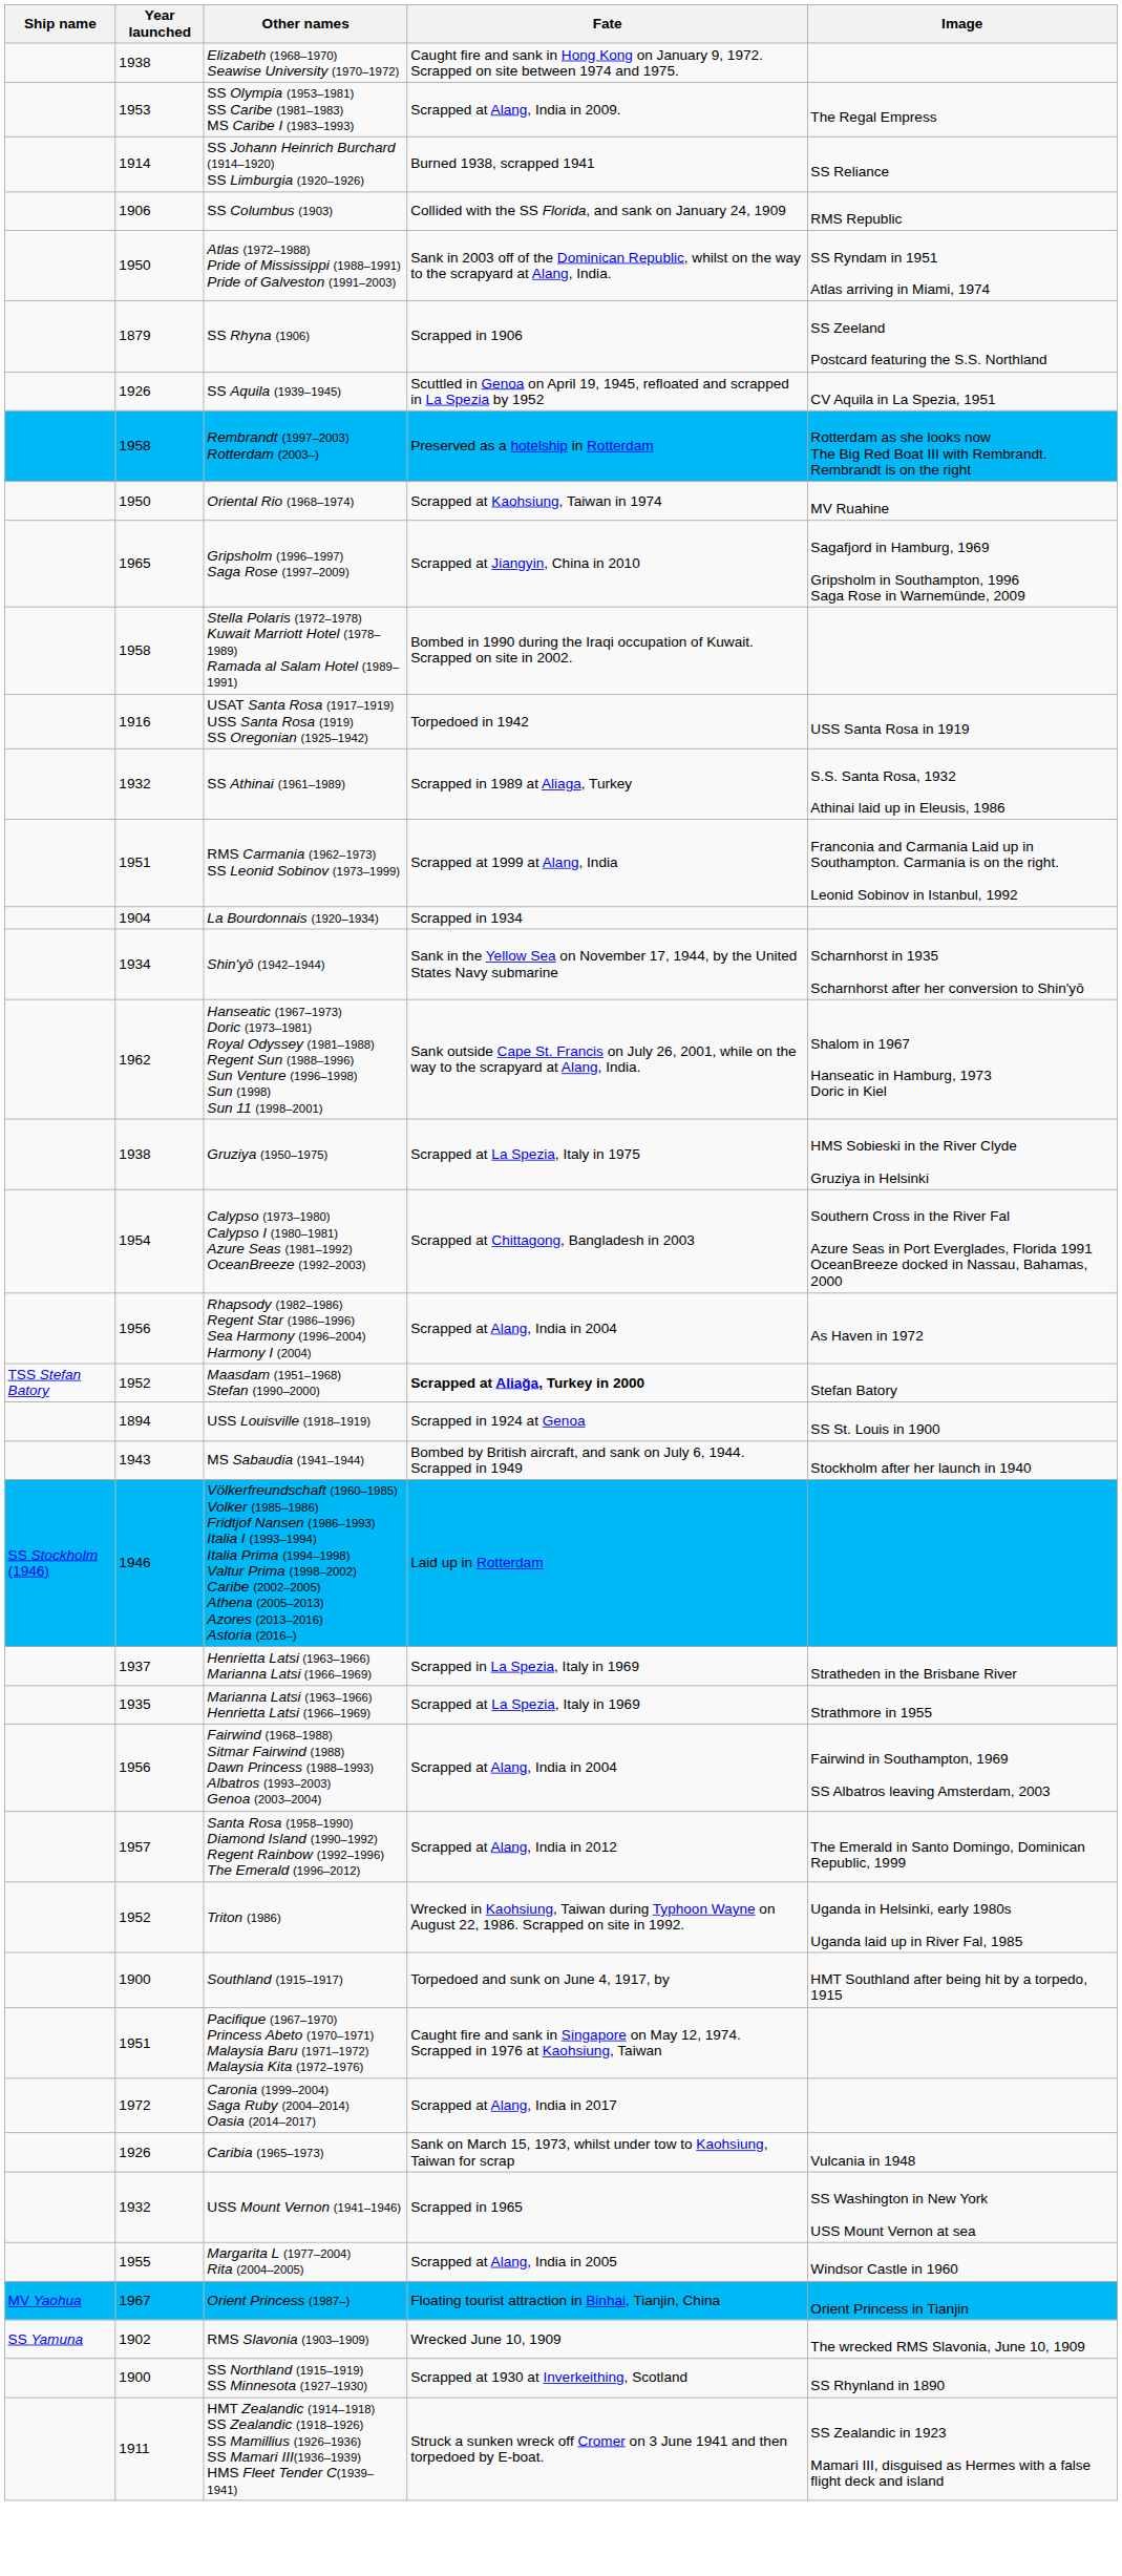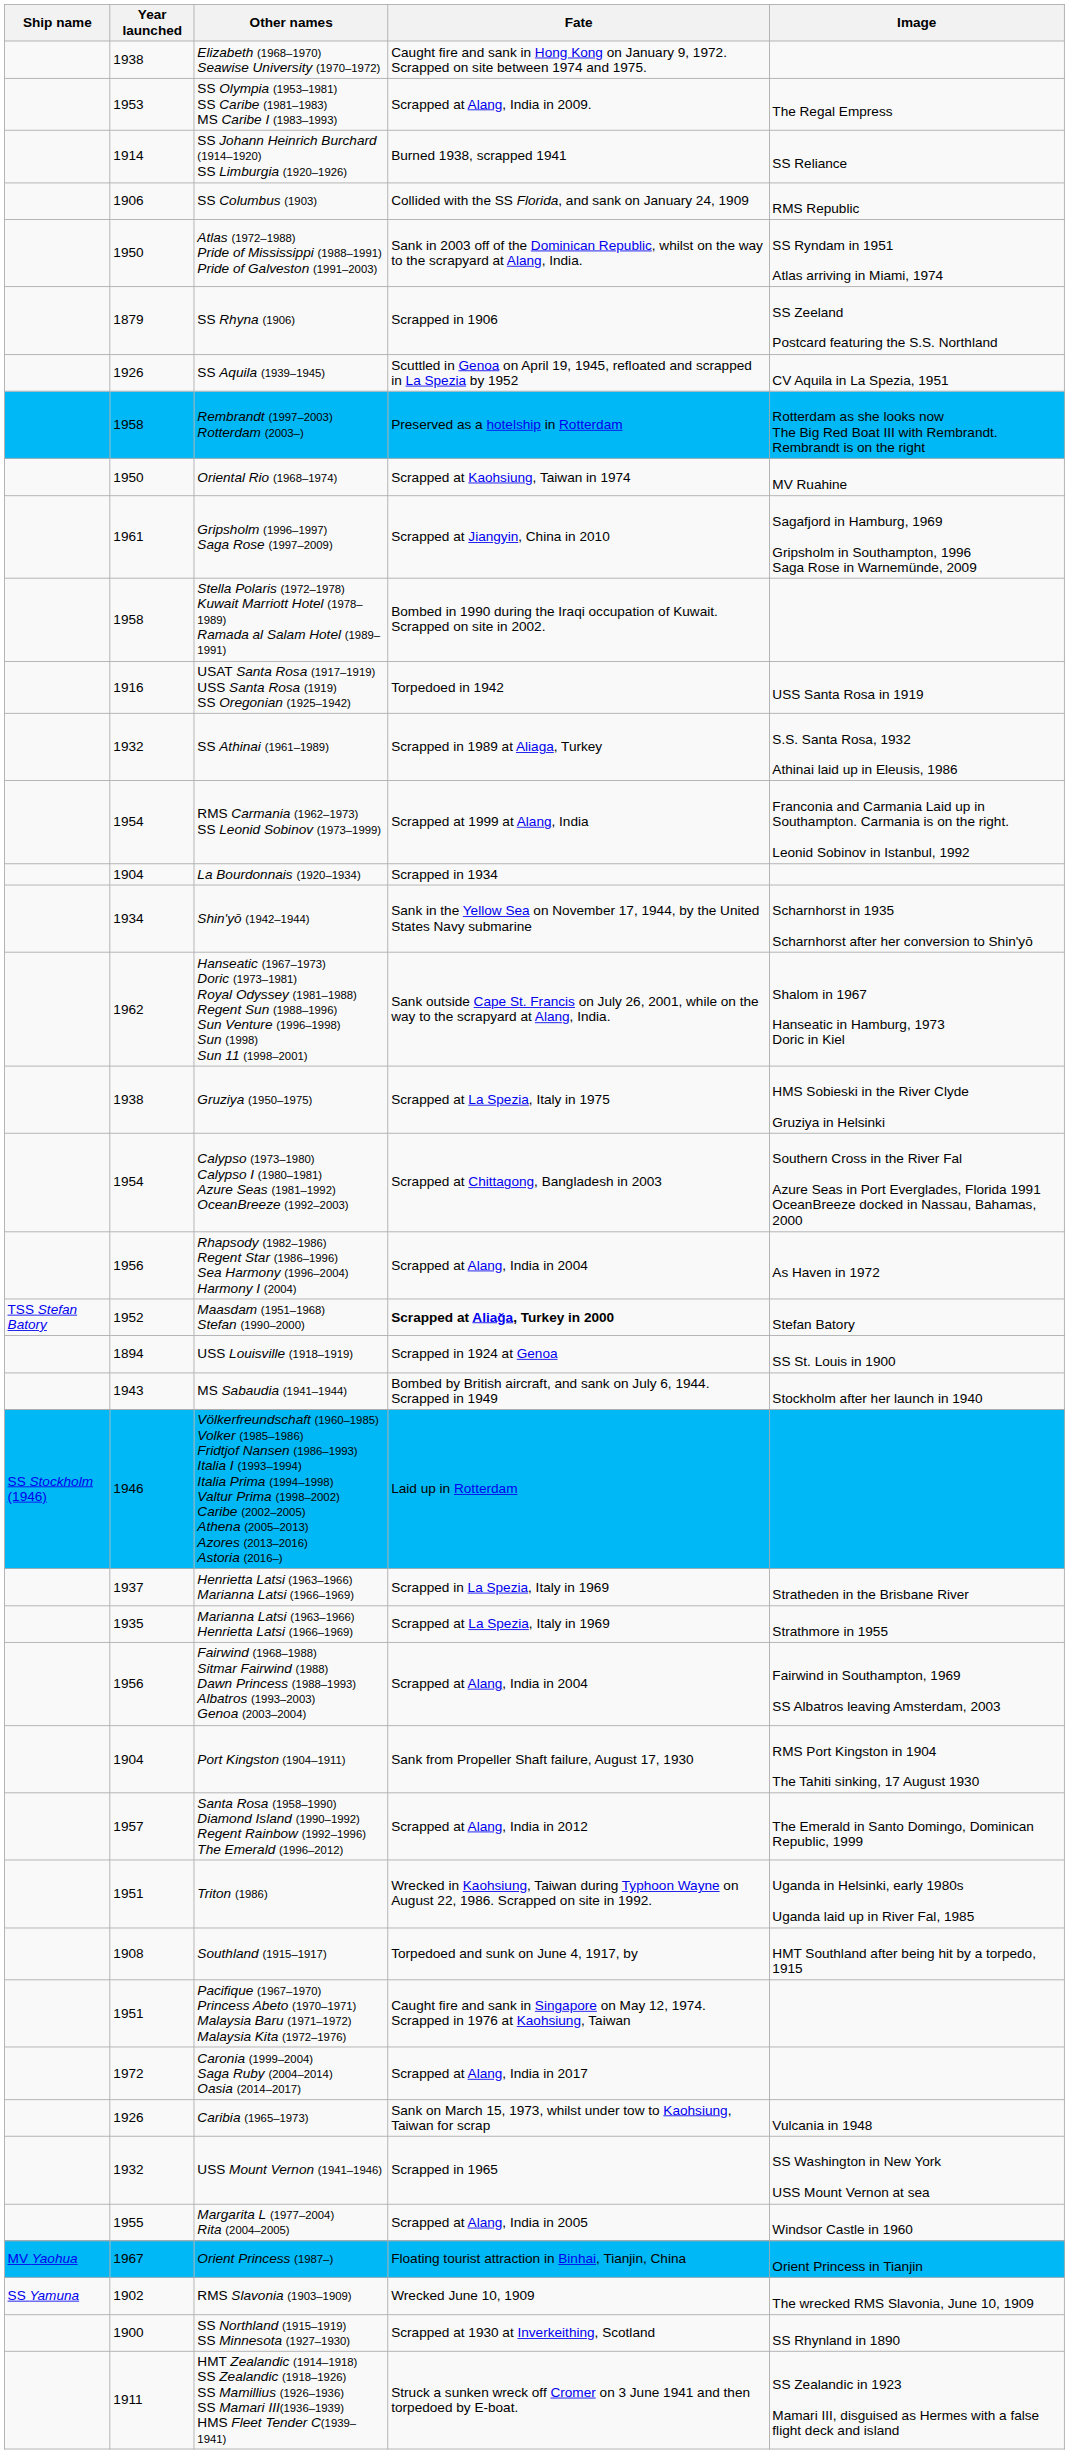 <table class="wikitable sortable">
 <tr>
 <th>Ship name</th>
 <th>Year launched</th>
 <th class="unsortable">Other names</th>
 <th>Fate</th>
 <th>Image</th>
 </tr>
 <tr>
 <td></td>
 <td>1938</td>
 <td><em>Elizabeth</em> <small>(1968–1970)</small><br><em>Seawise University</em> <small>(1970–1972)</small></td>
 <td>Caught fire and sank in <a href='#'>Hong Kong</a> on January 9, 1972. Scrapped on site between 1974 and 1975.</td>
 <td></td>
 </tr>
 <tr>
 <td></td>
 <td>1953</td>
 <td>SS <em>Olympia</em> <small>(1953–1981)</small><br>SS <em>Caribe</em> <small>(1981–1983)</small><br>MS <em>Caribe I</em> <small>(1983–1993)</small></td>
 <td>Scrapped at <a href='#'>Alang</a>, India in 2009.</td>
 <td><br> The Regal Empress</td>
 </tr>
 <tr>
 <td></td>
 <td>1914</td>
 <td>SS <em>Johann Heinrich Burchard</em> <small>(1914–1920)</small><br>SS <em>Limburgia</em> <small>(1920–1926)</small></td>
 <td>Burned 1938, scrapped 1941</td>
 <td><br> SS Reliance</td>
 </tr>
 <tr>
 <td></td>
 <td>1906</td>
 <td>SS <em>Columbus</em> <small>(1903)</small></td>
 <td>Collided with the SS <em>Florida</em>, and sank on January 24, 1909</td>
 <td><br> RMS Republic</td>
 </tr>
 <tr>
 <td></td>
 <td>1950</td>
 <td><em>Atlas</em> <small>(1972–1988)</small><br><em>Pride of Mississippi</em> <small>(1988–1991)</small><br><em>Pride of Galveston</em> <small>(1991–2003)</small></td>
 <td>Sank in 2003 off of the <a href='#'>Dominican Republic</a>, whilst on the way to the scrapyard at <a href='#'>Alang</a>, India.</td>
 <td><br> SS Ryndam in 1951<br><br> Atlas arriving in Miami, 1974</td>
 </tr>
 <tr>
 <td></td>
 <td>1879</td>
 <td>SS <em>Rhyna</em> <small>(1906)</small></td>
 <td>Scrapped in 1906</td>
 <td><br> SS Zeeland<br><br> Postcard featuring the S.S. Northland</td>
 </tr>
 <tr>
 <td></td>
 <td>1926</td>
 <td>SS <em>Aquila</em> <small>(1939–1945)</small></td>
 <td>Scuttled in <a href='#'>Genoa</a> on April 19, 1945, refloated and scrapped in <a href='#'>La Spezia</a> by 1952</td>
 <td><br> CV Aquila in La Spezia, 1951</td>
 </tr>
 <tr style="background: #00b8f5;">
 <td></td>
 <td>1958</td>
 <td><em>Rembrandt</em> <small>(1997–2003)</small><br><em>Rotterdam</em> <small>(2003–)</small></td>
 <td>Preserved as a <a href='#'>hotelship</a> in <a href='#'>Rotterdam</a></td>
 <td><br> Rotterdam as she looks now<br> The Big Red Boat III with Rembrandt. Rembrandt is on the right</td>
 </tr>
 <tr>
 <td></td>
 <td>1950</td>
 <td><em>Oriental Rio</em> <small>(1968–1974)</small></td>
 <td>Scrapped at <a href='#'>Kaohsiung</a>, Taiwan in 1974</td>
 <td><br> MV Ruahine</td>
 </tr>
 <tr>
 <td></td>
-<td>1965</td>
+<td>1961</td>
 <td><em>Gripsholm</em> <small>(1996–1997)</small><br><em>Saga Rose</em> <small>(1997–2009)</small></td>
 <td>Scrapped at <a href='#'>Jiangyin</a>, China in 2010</td>
 <td><br> Sagafjord in Hamburg, 1969<br><br> Gripsholm in Southampton, 1996 <br> Saga Rose in Warnemünde, 2009</td>
 </tr>
 <tr>
 <td></td>
 <td>1958</td>
 <td><em>Stella Polaris</em> <small>(1972–1978)</small><br><em>Kuwait Marriott Hotel</em> <small>(1978–1989)</small><br><em>Ramada al Salam Hotel</em> <small>(1989–1991)</small></td>
 <td>Bombed in 1990 during the Iraqi occupation of Kuwait. Scrapped on site in 2002.</td>
 <td></td>
 </tr>
 <tr>
 <td></td>
 <td>1916</td>
 <td>USAT <em>Santa Rosa</em> <small>(1917–1919)</small><br>USS <em>Santa Rosa</em> <small>(1919)</small><br>SS <em>Oregonian</em> <small>(1925–1942)</small></td>
 <td>Torpedoed in 1942</td>
 <td><br> USS Santa Rosa in 1919</td>
 </tr>
 <tr>
 <td></td>
 <td>1932</td>
 <td>SS <em>Athinai</em> <small>(1961–1989)</small></td>
 <td>Scrapped in 1989 at <a href='#'>Aliaga</a>, Turkey</td>
 <td><br> S.S. Santa Rosa, 1932<br><br> Athinai laid up in Eleusis, 1986</td>
 </tr>
 <tr>
 <td></td>
-<td>1951</td>
+<td>1954</td>
 <td>RMS <em>Carmania</em> <small>(1962–1973)</small><br>SS <em>Leonid Sobinov</em> <small>(1973–1999)</small></td>
 <td>Scrapped at 1999 at <a href='#'>Alang</a>, India</td>
 <td><br> Franconia and Carmania Laid up in Southampton. Carmania is on the right.<br><br> Leonid Sobinov in Istanbul, 1992</td>
 </tr>
 <tr>
 <td></td>
 <td>1904</td>
 <td><em>La Bourdonnais</em> <small>(1920–1934)</small></td>
 <td>Scrapped in 1934</td>
 <td></td>
 </tr>
 <tr>
 <td></td>
 <td>1934</td>
 <td><em>Shin'yō</em> <small>(1942–1944)</small></td>
 <td>Sank in the <a href='#'>Yellow Sea</a> on November 17, 1944, by the United States Navy submarine </td>
 <td><br> Scharnhorst in 1935<br><br> Scharnhorst after her conversion to Shin'yō</td>
 </tr>
 <tr>
 <td></td>
 <td>1962</td>
 <td><em>Hanseatic</em> <small>(1967–1973)</small><br><em>Doric</em> <small>(1973–1981)</small><br><em>Royal Odyssey</em> <small>(1981–1988)</small><br><em>Regent Sun</em> <small>(1988–1996)</small><br><em>Sun Venture</em> <small>(1996–1998)</small><br><em>Sun</em> <small>(1998)</small><br><em>Sun 11</em> <small>(1998–2001)</small></td>
 <td>Sank outside <a href='#'>Cape St. Francis</a> on July 26, 2001, while on the way to the scrapyard at <a href='#'>Alang</a>, India.</td>
 <td><br> Shalom in 1967<br><br> Hanseatic in Hamburg, 1973 <br> Doric in Kiel</td>
 </tr>
 <tr>
 <td></td>
 <td>1938</td>
 <td><em>Gruziya</em> <small>(1950–1975)</small></td>
 <td>Scrapped at <a href='#'>La Spezia</a>, Italy in 1975</td>
 <td><br> HMS Sobieski in the River Clyde<br><br> Gruziya in Helsinki</td>
 </tr>
 <tr>
 <td></td>
 <td>1954</td>
 <td><em>Calypso</em> <small>(1973–1980)</small><br><em>Calypso I</em> <small>(1980–1981)</small><br><em>Azure Seas</em> <small>(1981–1992)</small><br><em>OceanBreeze</em> <small>(1992–2003)</small></td>
 <td>Scrapped at <a href='#'>Chittagong</a>, Bangladesh in 2003</td>
 <td><br> Southern Cross in the River Fal<br><br> Azure Seas in Port Everglades, Florida 1991 <br> OceanBreeze docked in Nassau, Bahamas, 2000</td>
 </tr>
 <tr>
 <td></td>
 <td>1956</td>
 <td><em>Rhapsody</em> <small>(1982–1986)</small><br><em>Regent Star</em> <small>(1986–1996)</small><br><em>Sea Harmony</em> <small>(1996–2004)</small><br><em>Harmony I</em> <small>(2004)</small></td>
 <td>Scrapped at <a href='#'>Alang</a>, India in 2004</td>
 <td><br> As Haven in 1972</td>
 </tr>
 <tr>
 <td><a href='#'>TSS <em>Stefan Batory</em></a></td>
 <td>1952</td>
 <td><em>Maasdam</em> <small>(1951–1968)</small><br><em>Stefan</em> <small>(1990–2000)</small></td>
 <td><strong>Scrapped at <a href='#'>Aliağa</a>, Turkey in 2000</strong></td>
 <td><br> Stefan Batory</td>
 </tr>
 <tr>
 <td></td>
 <td>1894</td>
 <td>USS <em>Louisville</em> <small>(1918–1919)</small></td>
 <td>Scrapped in 1924 at <a href='#'>Genoa</a></td>
 <td><br> SS St. Louis in 1900</td>
 </tr>
 <tr>
 <td></td>
 <td>1943</td>
 <td>MS <em>Sabaudia</em> <small>(1941–1944)</small></td>
 <td>Bombed by British aircraft, and sank on July 6, 1944. Scrapped in 1949</td>
 <td><br> Stockholm after her launch in 1940</td>
 </tr>
 <tr>
 </tr>
 <tr style="background: #00b8f5;">
 <td><a href='#'>SS <em>Stockholm</em> (1946)</a></td>
 <td>1946</td>
 <td><em>Völkerfreundschaft</em> <small>(1960–1985)</small><br><em>Volker</em> <small>(1985–1986)</small><br><em>Fridtjof Nansen</em> <small>(1986–1993)</small><br><em>Italia I</em> <small>(1993–1994)</small><br><em>Italia Prima</em> <small>(1994–1998)</small><br><em>Valtur Prima</em> <small>(1998–2002)</small><br><em>Caribe</em> <small>(2002–2005)</small><br><em>Athena</em> <small>(2005–2013)</small><br> <em>Azores</em> <small>(2013–2016)</small><br><em>Astoria</em> <small>(2016–)</small></td>
 <td>Laid up in <a href='#'>Rotterdam</a></td>
 <td><br>   </td>
 </tr>
 <tr>
 <td></td>
 <td>1937</td>
 <td><em>Henrietta Latsi</em><small> (1963–1966)</small><br><em>Marianna Latsi</em><small> (1966–1969)</small></td>
 <td>Scrapped in <a href='#'>La Spezia</a>, Italy in 1969</td>
 <td><br> Stratheden in the Brisbane River</td>
 </tr>
 <tr>
 <td></td>
 <td>1935</td>
 <td><em>Marianna Latsi</em> <small> (1963–1966)</small><br><em>Henrietta Latsi</em> <small> (1966–1969)</small></td>
 <td>Scrapped at <a href='#'>La Spezia</a>, Italy in 1969</td>
 <td><br> Strathmore in 1955</td>
 </tr>
 <tr>
 <td></td>
 <td>1956</td>
 <td><em>Fairwind</em> <small>(1968–1988)</small><br><em>Sitmar Fairwind</em> <small>(1988)</small><br><em>Dawn Princess</em> <small>(1988–1993)</small><br><em>Albatros</em> <small>(1993–2003)</small><br><em>Genoa</em> <small>(2003–2004)</small></td>
 <td>Scrapped at <a href='#'>Alang</a>, India in 2004</td>
 <td><br> Fairwind in Southampton, 1969<br><br> SS Albatros leaving Amsterdam, 2003</td>
 </tr>
 <tr>
 <td></td>
+<td>1904</td>
+<td><em>Port Kingston</em><small> (1904–1911)</small></td>
+<td>Sank from Propeller Shaft failure, August 17, 1930</td>
+<td><br> RMS Port Kingston in 1904<br><br> The Tahiti sinking, 17 August 1930</td>
+</tr>
+<tr>
+<td></td>
 <td>1957</td>
 <td><em>Santa Rosa</em> <small>(1958–1990)</small><br><em>Diamond Island</em> <small>(1990–1992)</small><br><em>Regent Rainbow</em> <small>(1992–1996)</small><br><em>The Emerald</em> <small>(1996–2012)</small></td>
 <td>Scrapped at <a href='#'>Alang</a>, India in 2012</td>
 <td><br> The Emerald in Santo Domingo, Dominican Republic, 1999</td>
 </tr>
 <tr>
 <td></td>
-<td>1952</td>
+<td>1951</td>
 <td><em>Triton</em> <small>(1986)</small></td>
 <td>Wrecked in <a href='#'>Kaohsiung</a>, Taiwan during <a href='#'>Typhoon Wayne</a> on August 22, 1986. Scrapped on site in 1992.</td>
 <td><br> Uganda in Helsinki, early 1980s<br><br> Uganda laid up in River Fal, 1985</td>
 </tr>
 <tr>
 <td></td>
-<td>1900</td>
+<td>1908</td>
 <td><em>Southland</em> <small>(1915–1917)</small></td>
 <td>Torpedoed and sunk on June 4, 1917, by <em></em></td>
 <td><br> HMT Southland after being hit by a torpedo, 1915</td>
 </tr>
 <tr>
 <td></td>
 <td>1951</td>
 <td><em>Pacifique</em> <small>(1967–1970)</small><br><em>Princess Abeto</em> <small>(1970–1971)</small><br><em>Malaysia Baru</em> <small>(1971–1972)</small><br><em>Malaysia Kita</em> <small>(1972–1976)</small></td>
 <td>Caught fire and sank in <a href='#'>Singapore</a> on May 12, 1974. Scrapped in 1976 at <a href='#'>Kaohsiung</a>, Taiwan</td>
 <td></td>
 </tr>
 <tr>
 <td></td>
 <td>1972</td>
 <td><em>Caronia</em> <small>(1999–2004)</small><br><em>Saga Ruby</em> <small>(2004–2014)</small><br><em>Oasia</em> <small>(2014–2017)</small></td>
 <td>Scrapped at <a href='#'>Alang</a>, India in 2017</td>
 <td><br>   </td>
 </tr>
 <tr>
 <td></td>
 <td>1926</td>
 <td><em>Caribia</em> <small>(1965–1973)</small></td>
 <td>Sank on March 15, 1973, whilst under tow to <a href='#'>Kaohsiung</a>, Taiwan for scrap</td>
 <td><br> Vulcania in 1948</td>
 </tr>
 <tr>
 <td></td>
 <td>1932</td>
 <td>USS <em>Mount Vernon</em> <small>(1941–1946)</small></td>
 <td>Scrapped in 1965</td>
 <td><br> SS Washington in New York<br><br> USS Mount Vernon at sea</td>
 </tr>
 <tr>
 <td></td>
 <td>1955</td>
 <td><em>Margarita L</em> <small>(1977–2004)</small><br><em>Rita</em> <small>(2004–2005)</small></td>
 <td>Scrapped at <a href='#'>Alang</a>, India in 2005</td>
 <td><br> Windsor Castle in 1960</td>
 </tr>
 <tr>
 </tr>
 <tr style="background: #00b8f5;">
 <td><a href='#'>MV <em>Yaohua</em></a></td>
 <td>1967</td>
 <td><em>Orient Princess</em> <small>(1987–)</small></td>
 <td>Floating tourist attraction in <a href='#'>Binhai</a>, Tianjin, China</td>
 <td><br> Orient Princess in Tianjin</td>
 </tr>
 <tr>
 <td><a href='#'>SS <em>Yamuna</em></a></td>
 <td>1902</td>
 <td>RMS <em>Slavonia</em> <small>(1903–1909)</small></td>
 <td>Wrecked June 10, 1909</td>
 <td><br> The wrecked RMS Slavonia, June 10, 1909</td>
 </tr>
 <tr>
 <td></td>
 <td>1900</td>
 <td>SS <em>Northland</em> <small>(1915–1919)</small><br>SS <em>Minnesota</em> <small>(1927–1930)</small></td>
 <td>Scrapped at 1930 at <a href='#'>Inverkeithing</a>, Scotland</td>
 <td><br> SS Rhynland in 1890</td>
 </tr>
 <tr>
 <td></td>
 <td>1911</td>
 <td>HMT <em>Zealandic</em> <small>(1914–1918)</small><br>SS <em>Zealandic</em> <small>(1918–1926)</small><br>SS <em>Mamillius</em> <small>(1926–1936)</small><br>SS <em>Mamari III</em><small>(1936–1939)</small><br>HMS <em>Fleet Tender C</em><small>(1939–1941) </small></td>
 <td>Struck a sunken wreck off <a href='#'>Cromer</a> on 3 June 1941 and then torpedoed by E-boat.</td>
 <td><br> SS Zealandic in 1923<br><br> Mamari III, disguised as Hermes with a false flight deck and island</td>
 </tr>
 </table>
